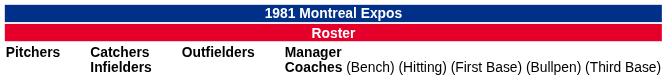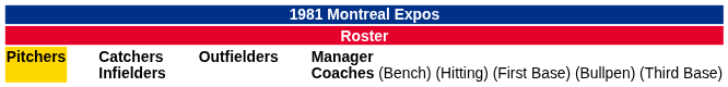 <table class="toccolours" style="font-size: 95%;">
 <tr>
 <th colspan="10" style="background-color: #003087; color: #FFFFFF; text-align: center;">1981 Montreal Expos</th>
 </tr>
 <tr>
 <td colspan="10" style="background-color: #E4002B; color: #FFFFFF; text-align: center;"><strong>Roster</strong></td>
 </tr>
 <tr>
-<td valign="top"><strong>Pitchers</strong><br>              </td>
+<td valign="top" style="background: gold;"><strong>Pitchers</strong><br>              </td>
 <td width = "25px"></td>
 <td valign="top"><strong>Catchers</strong><br>   <strong>Infielders</strong>               </td>
 <td width = "25px"></td>
 <td valign="top"><strong>Outfielders</strong><br>         </td>
 <td width = "25px"></td>
 <td valign="top"><strong>Manager</strong><br>  <strong>Coaches</strong>  (Bench)  (Hitting)  (First Base)  (Bullpen)  (Third Base)</td>
 </tr>
 <tr>
 </tr>
 </table>
